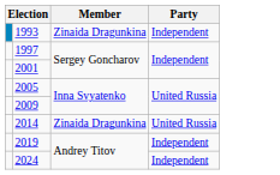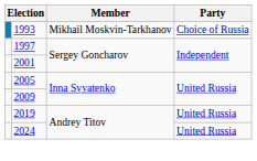 <table class="wikitable">
 <tr>
 <th colspan="2">Election</th>
 <th>Member</th>
 <th>Party</th>
 </tr>
 <tr>
 <td style="background-color:#0085BE"></td>
 <td><a href='#'>1993</a></td>
-<td><a href='#'>Zinaida Dragunkina</a></td>
-<td><a href='#'>Independent</a></td>
+<td>Mikhail Moskvin-Tarkhanov</td>
+<td><a href='#'>Choice of Russia</a></td>
 </tr>
 <tr>
 <td style="background-color:"></td>
 <td><a href='#'>1997</a></td>
 <td rowspan=2>Sergey Goncharov</td>
 <td rowspan=2><a href='#'>Independent</a></td>
 </tr>
 <tr>
 <td style="background-color:"></td>
 <td><a href='#'>2001</a></td>
 </tr>
 <tr>
 <td style="background-color:"></td>
 <td><a href='#'>2005</a></td>
 <td rowspan=2><a href='#'>Inna Svyatenko</a></td>
 <td rowspan=2><a href='#'>United Russia</a></td>
 </tr>
 <tr>
 <td style="background-color:"></td>
 <td><a href='#'>2009</a></td>
 </tr>
 <tr>
 <td style="background-color:"></td>
-<td><a href='#'>2014</a></td>
-<td><a href='#'>Zinaida Dragunkina</a></td>
+<td><a href='#'>2019</a></td>
+<td rowspan=2>Andrey Titov</td>
 <td><a href='#'>United Russia</a></td>
 </tr>
 <tr>
 <td style="background-color:"></td>
-<td><a href='#'>2019</a></td>
-<td rowspan=2>Andrey Titov</td>
-<td><a href='#'>Independent</a></td>
-</tr>
-<tr>
-<td style="background-color:"></td>
 <td><a href='#'>2024</a></td>
-<td><a href='#'>Independent</a></td>
+<td><a href='#'>United Russia</a></td>
 </tr>
 </table>
